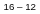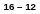 <table style="text-align:center">
 <tr>
 <th width=200></th>
 <th width=100></th>
 <th width=200></th>
 </tr>
 <tr>
 <td align=right><strong></strong></td>
-<td>16 – 12</td>
+<td><strong>16 – 12</strong></td>
 <td align=left></td>
 </tr>
 </table>
